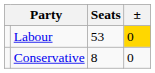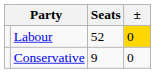 <table class="wikitable">
 <tr>
 <th colspan="2">Party</th>
 <th>Seats</th>
 <th>  ±  </th>
 </tr>
 <tr>
 <td style="background-color: "></td>
 <td><a href='#'>Labour</a></td>
-<td>53</td>
+<td>52</td>
 <td style="background: gold;">0</td>
 </tr>
 <tr>
 <td style="background-color: "></td>
 <td><a href='#'>Conservative</a></td>
-<td>8</td>
+<td>9</td>
 <td>0</td>
 </tr>
 </table>
